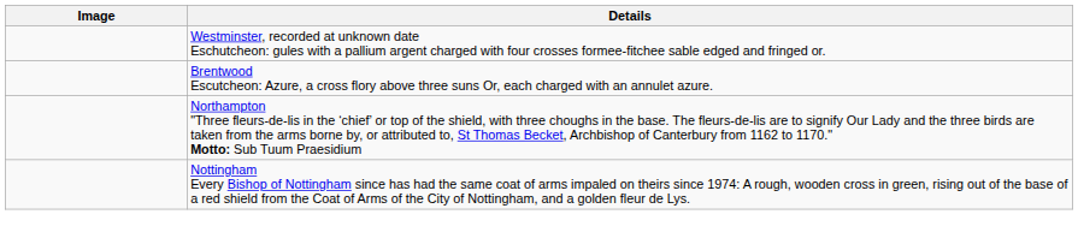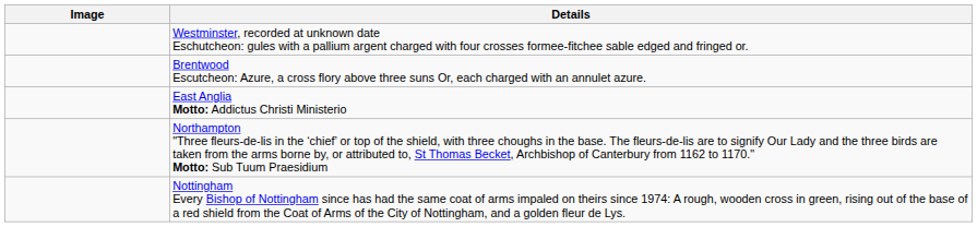 <table class=wikitable style=font-size:95%>
 <tr style="vertical-align:top; text-align:center;">
 <th style="width:206px;">Image</th>
 <th>Details</th>
 </tr>
 <tr valign=top>
 <td align=center></td>
 <td><a href='#'>Westminster</a>, recorded at unknown date<br>Eschutcheon: gules with a pallium argent charged with four crosses formee-fitchee sable edged and fringed or.</td>
 </tr>
 <tr valign=top>
 <td align=center></td>
 <td><a href='#'>Brentwood</a><br>Escutcheon: Azure, a cross flory above three suns Or, each charged with an annulet azure.</td>
 </tr>
 <tr valign=top>
 <td align=center></td>
+<td><a href='#'>East Anglia</a><br><strong>Motto:</strong> Addictus Christi Ministerio</td>
+</tr>
+<tr valign=top>
+<td align=center></td>
 <td><a href='#'>Northampton</a><br>"Three fleurs-de-lis in the ‘chief’ or top of the shield, with three choughs in the base. The fleurs-de-lis are to signify Our Lady and the three birds are taken from the arms borne by, or attributed to, <a href='#'>St Thomas Becket</a>, Archbishop of Canterbury from 1162 to 1170."<br><strong>Motto:</strong> Sub Tuum Praesidium</td>
 </tr>
 <tr valign=top>
 <td align=center></td>
 <td><a href='#'>Nottingham</a><br>Every <a href='#'>Bishop of Nottingham</a> since has had the same coat of arms impaled on theirs since 1974: A rough, wooden cross in green, rising out of the base of a red shield from the Coat of Arms of the City of Nottingham, and a golden fleur de Lys.</td>
 </tr>
 </table>
